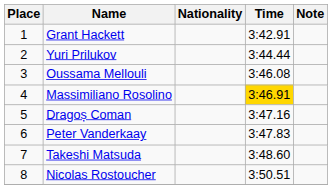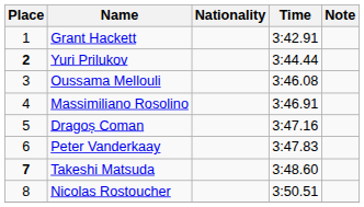 <table class="wikitable" style="text-align:center">
 <tr>
 <th>Place</th>
 <th>Name</th>
 <th>Nationality</th>
 <th>Time</th>
 <th>Note</th>
 </tr>
 <tr>
 <td>1</td>
 <td align=left><a href='#'>Grant Hackett</a></td>
 <td align=left></td>
 <td>3:42.91</td>
 <td></td>
 </tr>
 <tr>
-<td>2</td>
+<td><strong>2</strong></td>
 <td align=left><a href='#'>Yuri Prilukov</a></td>
 <td align=left></td>
 <td>3:44.44</td>
 <td></td>
 </tr>
 <tr>
 <td>3</td>
 <td align=left><a href='#'>Oussama Mellouli</a></td>
 <td align=left></td>
 <td>3:46.08</td>
 <td></td>
 </tr>
 <tr>
 <td>4</td>
 <td align=left><a href='#'>Massimiliano Rosolino</a></td>
 <td align=left></td>
-<td style="background: gold;">3:46.91</td>
+<td>3:46.91</td>
 <td></td>
 </tr>
 <tr>
 <td>5</td>
 <td align=left><a href='#'>Dragoș Coman</a></td>
 <td align=left></td>
 <td>3:47.16</td>
 <td></td>
 </tr>
 <tr>
 <td>6</td>
 <td align=left><a href='#'>Peter Vanderkaay</a></td>
 <td align=left></td>
 <td>3:47.83</td>
 <td></td>
 </tr>
 <tr>
-<td>7</td>
+<td><strong>7</strong></td>
 <td align=left><a href='#'>Takeshi Matsuda</a></td>
 <td align=left></td>
 <td>3:48.60</td>
 <td></td>
 </tr>
 <tr>
 <td>8</td>
 <td align=left><a href='#'>Nicolas Rostoucher</a></td>
 <td align=left></td>
 <td>3:50.51</td>
 <td></td>
 </tr>
 <tr>
 </tr>
 </table>
